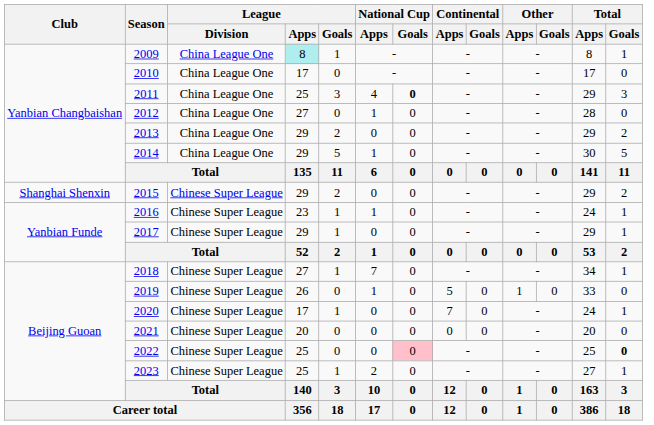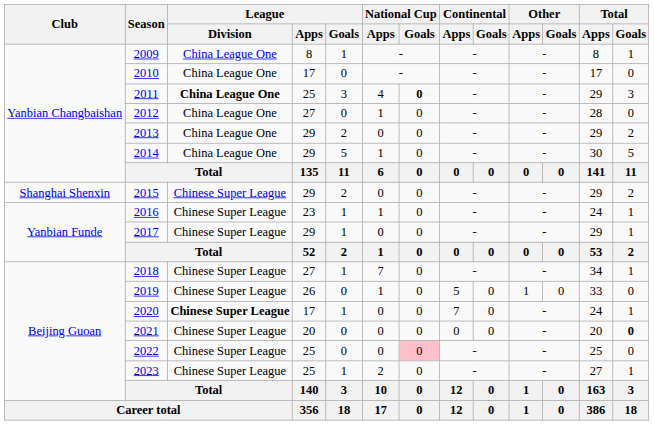 <table class="wikitable" style="text-align: center">
 <tr>
 <th rowspan="2">Club</th>
 <th rowspan="2">Season</th>
 <th colspan="3">League</th>
 <th colspan="2">National Cup</th>
 <th colspan="2">Continental</th>
 <th colspan="2">Other</th>
 <th colspan="2">Total</th>
 </tr>
 <tr>
 <th>Division</th>
 <th>Apps</th>
 <th>Goals</th>
 <th>Apps</th>
 <th>Goals</th>
 <th>Apps</th>
 <th>Goals</th>
 <th>Apps</th>
 <th>Goals</th>
 <th>Apps</th>
 <th>Goals</th>
 </tr>
 <tr>
 <td rowspan="7"><a href='#'>Yanbian Changbaishan</a></td>
 <td><a href='#'>2009</a></td>
 <td><a href='#'>China League One</a></td>
-<td style="background: paleturquoise;">8</td>
+<td>8</td>
 <td>1</td>
 <td colspan="2">-</td>
 <td colspan="2">-</td>
 <td colspan="2">-</td>
 <td>8</td>
 <td>1</td>
 </tr>
 <tr>
 <td><a href='#'>2010</a></td>
 <td>China League One</td>
 <td>17</td>
 <td>0</td>
 <td colspan="2">-</td>
 <td colspan="2">-</td>
 <td colspan="2">-</td>
 <td>17</td>
 <td>0</td>
 </tr>
 <tr>
 <td><a href='#'>2011</a></td>
-<td>China League One</td>
+<td><strong>China League One</strong></td>
 <td>25</td>
 <td>3</td>
 <td>4</td>
 <td><strong>0</strong></td>
 <td colspan="2">-</td>
 <td colspan="2">-</td>
 <td>29</td>
 <td>3</td>
 </tr>
 <tr>
 <td><a href='#'>2012</a></td>
 <td>China League One</td>
 <td>27</td>
 <td>0</td>
 <td>1</td>
 <td>0</td>
 <td colspan="2">-</td>
 <td colspan="2">-</td>
 <td>28</td>
 <td>0</td>
 </tr>
 <tr>
 <td><a href='#'>2013</a></td>
 <td>China League One</td>
 <td>29</td>
 <td>2</td>
 <td>0</td>
 <td>0</td>
 <td colspan="2">-</td>
 <td colspan="2">-</td>
 <td>29</td>
 <td>2</td>
 </tr>
 <tr>
 <td><a href='#'>2014</a></td>
 <td>China League One</td>
 <td>29</td>
 <td>5</td>
 <td>1</td>
 <td>0</td>
 <td colspan="2">-</td>
 <td colspan="2">-</td>
 <td>30</td>
 <td>5</td>
 </tr>
 <tr>
 <th colspan="2"><strong>Total</strong></th>
 <th>135</th>
 <th>11</th>
 <th>6</th>
 <th>0</th>
 <th>0</th>
 <th>0</th>
 <th>0</th>
 <th>0</th>
 <th>141</th>
 <th>11</th>
 </tr>
 <tr>
 <td><a href='#'>Shanghai Shenxin</a></td>
 <td><a href='#'>2015</a></td>
 <td><a href='#'>Chinese Super League</a></td>
 <td>29</td>
 <td>2</td>
 <td>0</td>
 <td>0</td>
 <td colspan="2">-</td>
 <td colspan="2">-</td>
 <td>29</td>
 <td>2</td>
 </tr>
 <tr>
 <td rowspan="3"><a href='#'>Yanbian Funde</a></td>
 <td><a href='#'>2016</a></td>
 <td>Chinese Super League</td>
 <td>23</td>
 <td>1</td>
 <td>1</td>
 <td>0</td>
 <td colspan="2">-</td>
 <td colspan="2">-</td>
 <td>24</td>
 <td>1</td>
 </tr>
 <tr>
 <td><a href='#'>2017</a></td>
 <td>Chinese Super League</td>
 <td>29</td>
 <td>1</td>
 <td>0</td>
 <td>0</td>
 <td colspan="2">-</td>
 <td colspan="2">-</td>
 <td>29</td>
 <td>1</td>
 </tr>
 <tr>
 <th colspan="2"><strong>Total</strong></th>
 <th>52</th>
 <th>2</th>
 <th>1</th>
 <th>0</th>
 <th>0</th>
 <th>0</th>
 <th>0</th>
 <th>0</th>
 <th>53</th>
 <th>2</th>
 </tr>
 <tr>
 <td rowspan="7"><a href='#'>Beijing Guoan</a></td>
 <td><a href='#'>2018</a></td>
 <td>Chinese Super League</td>
 <td>27</td>
 <td>1</td>
 <td>7</td>
 <td>0</td>
 <td colspan="2">-</td>
 <td colspan="2">-</td>
 <td>34</td>
 <td>1</td>
 </tr>
 <tr>
 <td><a href='#'>2019</a></td>
 <td>Chinese Super League</td>
 <td>26</td>
 <td>0</td>
 <td>1</td>
 <td>0</td>
 <td>5</td>
 <td>0</td>
 <td>1</td>
 <td>0</td>
 <td>33</td>
 <td>0</td>
 </tr>
 <tr>
 <td><a href='#'>2020</a></td>
-<td>Chinese Super League</td>
+<td><strong>Chinese Super League</strong></td>
 <td>17</td>
 <td>1</td>
 <td>0</td>
 <td>0</td>
 <td>7</td>
 <td>0</td>
 <td colspan=2>-</td>
 <td>24</td>
 <td>1</td>
 </tr>
 <tr>
 <td><a href='#'>2021</a></td>
 <td>Chinese Super League</td>
 <td>20</td>
 <td>0</td>
 <td>0</td>
 <td>0</td>
 <td>0</td>
 <td>0</td>
 <td colspan=2>-</td>
 <td>20</td>
-<td>0</td>
+<td><strong>0</strong></td>
 </tr>
 <tr>
 <td><a href='#'>2022</a></td>
 <td>Chinese Super League</td>
 <td>25</td>
 <td>0</td>
 <td>0</td>
 <td style="background: pink;">0</td>
 <td colspan=2>-</td>
 <td colspan=2>-</td>
 <td>25</td>
-<td><strong>0</strong></td>
+<td>0</td>
 </tr>
 <tr>
 <td><a href='#'>2023</a></td>
 <td>Chinese Super League</td>
 <td>25</td>
 <td>1</td>
 <td>2</td>
 <td>0</td>
 <td colspan=2>-</td>
 <td colspan=2>-</td>
 <td>27</td>
 <td>1</td>
 </tr>
 <tr>
 <th colspan="2"><strong>Total</strong></th>
 <th>140</th>
 <th>3</th>
 <th>10</th>
 <th>0</th>
 <th>12</th>
 <th>0</th>
 <th>1</th>
 <th>0</th>
 <th>163</th>
 <th>3</th>
 </tr>
 <tr>
 <th colspan=3>Career total</th>
 <th>356</th>
 <th>18</th>
 <th>17</th>
 <th>0</th>
 <th>12</th>
 <th>0</th>
 <th>1</th>
 <th>0</th>
 <th>386</th>
 <th>18</th>
 </tr>
 </table>
